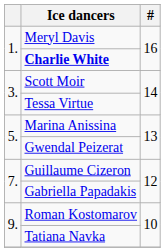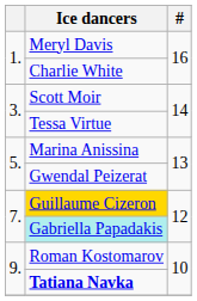 <table class="wikitable">
 <tr>
 <th></th>
 <th>Ice dancers</th>
 <th>#</th>
 </tr>
 <tr>
 <td rowspan="2">1.</td>
 <td> <a href='#'>Meryl Davis</a></td>
 <td rowspan="2">16</td>
 </tr>
 <tr>
-<td><strong> <a href='#'>Charlie White</a></strong></td>
+<td> <a href='#'>Charlie White</a></td>
 </tr>
 <tr>
 <td rowspan="2">3.</td>
 <td> <a href='#'>Scott Moir</a></td>
 <td rowspan="2">14</td>
 </tr>
 <tr>
 <td> <a href='#'>Tessa Virtue</a></td>
 </tr>
 <tr>
 <td rowspan="2">5.</td>
 <td> <a href='#'>Marina Anissina</a></td>
 <td rowspan="2">13</td>
 </tr>
 <tr>
 <td> <a href='#'>Gwendal Peizerat</a></td>
 </tr>
 <tr>
 <td rowspan="2">7.</td>
-<td> <a href='#'>Guillaume Cizeron</a></td>
+<td style="background: gold;"> <a href='#'>Guillaume Cizeron</a></td>
 <td rowspan="2">12</td>
 </tr>
 <tr>
-<td> <a href='#'>Gabriella Papadakis</a></td>
+<td style="background: paleturquoise;"> <a href='#'>Gabriella Papadakis</a></td>
 </tr>
 <tr>
 <td rowspan="2">9.</td>
 <td> <a href='#'>Roman Kostomarov</a></td>
 <td rowspan="2">10</td>
 </tr>
 <tr>
-<td> <a href='#'>Tatiana Navka</a></td>
+<td><strong> <a href='#'>Tatiana Navka</a></strong></td>
 </tr>
 <tr>
 </tr>
 </table>
